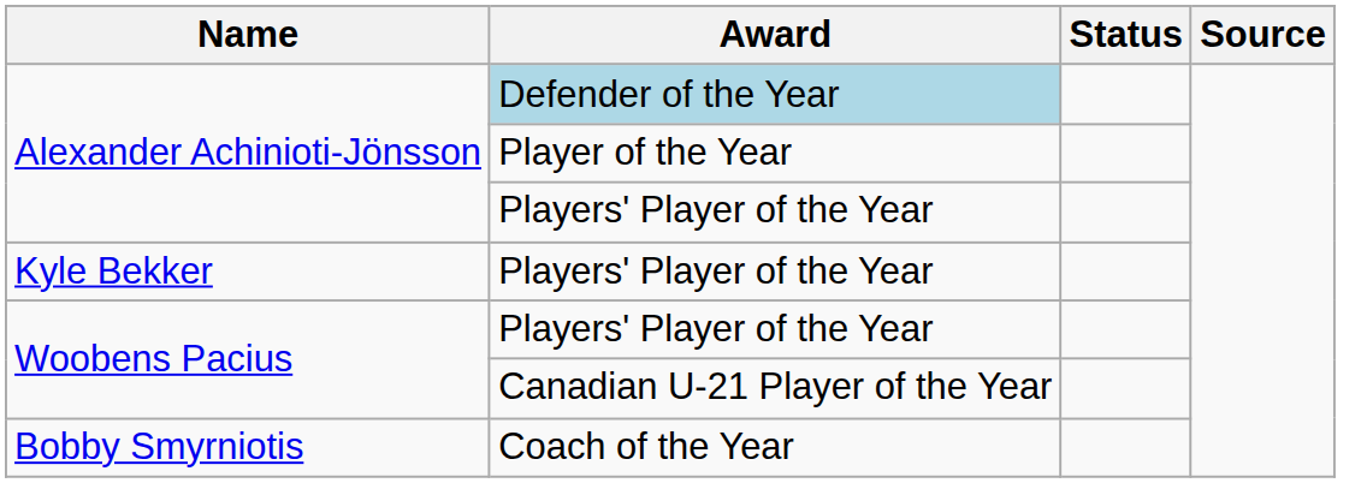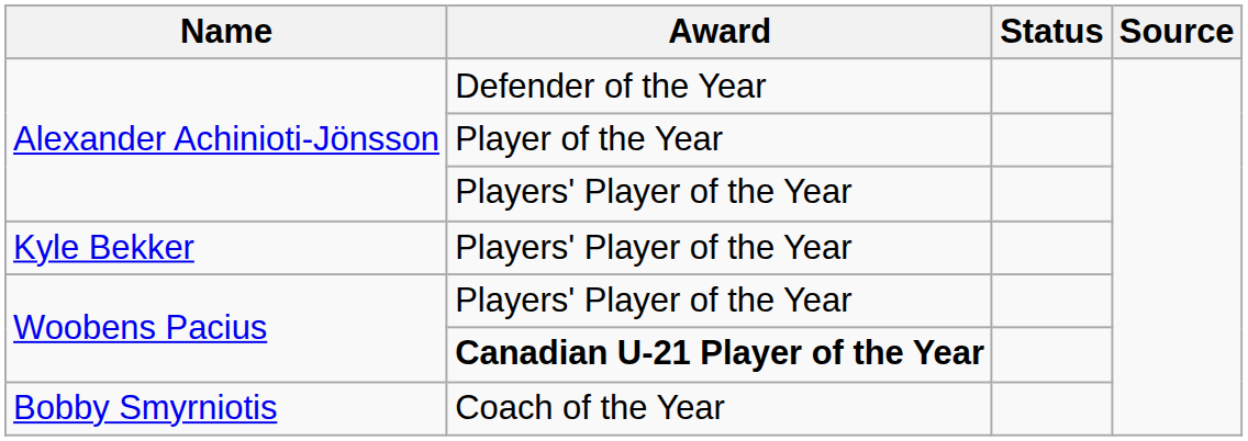 <table class="wikitable">
 <tr>
 <th>Name</th>
 <th>Award</th>
 <th>Status</th>
 <th>Source</th>
 </tr>
 <tr>
 <td rowspan="3"><a href='#'>Alexander Achinioti-Jönsson</a></td>
-<td style="background: lightblue;">Defender of the Year</td>
+<td>Defender of the Year</td>
 <td></td>
 <td rowspan="7"></td>
 </tr>
 <tr>
 <td>Player of the Year</td>
 <td></td>
 </tr>
 <tr>
 <td>Players' Player of the Year</td>
 <td></td>
 </tr>
 <tr>
 <td><a href='#'>Kyle Bekker</a></td>
 <td>Players' Player of the Year</td>
 <td></td>
 </tr>
 <tr>
 <td rowspan="2"><a href='#'>Woobens Pacius</a></td>
 <td>Players' Player of the Year</td>
 <td></td>
 </tr>
 <tr>
-<td>Canadian U-21 Player of the Year</td>
+<td><strong>Canadian U-21 Player of the Year</strong></td>
 <td></td>
 </tr>
 <tr>
 <td><a href='#'>Bobby Smyrniotis</a></td>
 <td>Coach of the Year</td>
 <td></td>
 </tr>
 </table>
